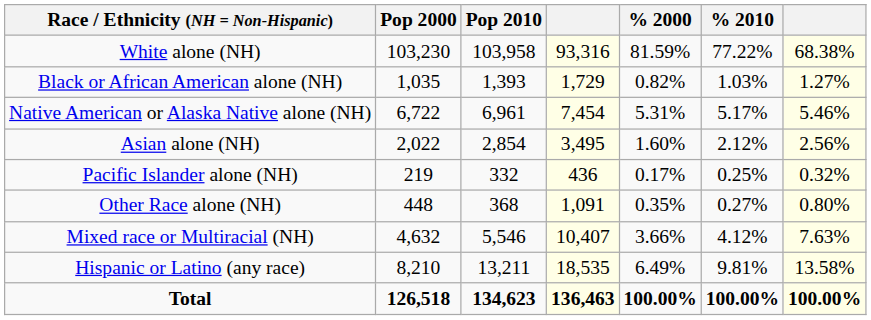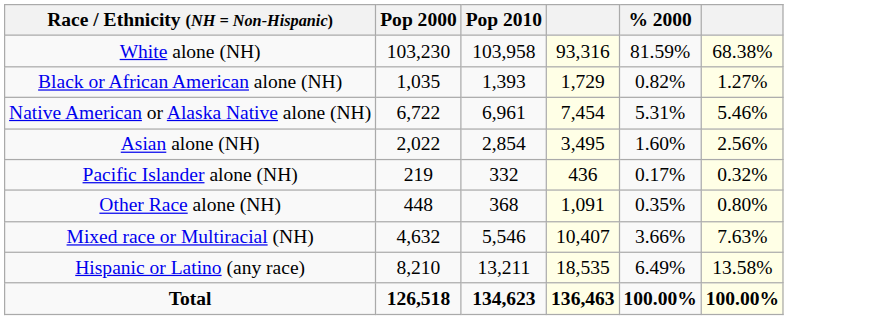 <table class="wikitable" style="text-align:center;">
 <tr>
 <th>Race / Ethnicity <small>(<em>NH = Non-Hispanic</em>)</small></th>
 <th>Pop 2000</th>
 <th>Pop 2010</th>
 <th></th>
 <th>% 2000</th>
-<th>% 2010</th>
 <th></th>
 </tr>
 <tr>
 <td><a href='#'>White</a> alone (NH)</td>
 <td>103,230</td>
 <td>103,958</td>
 <td style='background: #ffffe6;'>93,316</td>
 <td>81.59%</td>
-<td>77.22%</td>
 <td style='background: #ffffe6;'>68.38%</td>
 </tr>
 <tr>
 <td><a href='#'>Black or African American</a> alone (NH)</td>
 <td>1,035</td>
 <td>1,393</td>
 <td style='background: #ffffe6;'>1,729</td>
 <td>0.82%</td>
-<td>1.03%</td>
 <td style='background: #ffffe6;'>1.27%</td>
 </tr>
 <tr>
 <td><a href='#'>Native American</a> or <a href='#'>Alaska Native</a> alone (NH)</td>
 <td>6,722</td>
 <td>6,961</td>
 <td style='background: #ffffe6;'>7,454</td>
 <td>5.31%</td>
-<td>5.17%</td>
 <td style='background: #ffffe6;'>5.46%</td>
 </tr>
 <tr>
 <td><a href='#'>Asian</a> alone (NH)</td>
 <td>2,022</td>
 <td>2,854</td>
 <td style='background: #ffffe6;'>3,495</td>
 <td>1.60%</td>
-<td>2.12%</td>
 <td style='background: #ffffe6;'>2.56%</td>
 </tr>
 <tr>
 <td><a href='#'>Pacific Islander</a> alone (NH)</td>
 <td>219</td>
 <td>332</td>
 <td style='background: #ffffe6;'>436</td>
 <td>0.17%</td>
-<td>0.25%</td>
 <td style='background: #ffffe6;'>0.32%</td>
 </tr>
 <tr>
 <td><a href='#'>Other Race</a> alone (NH)</td>
 <td>448</td>
 <td>368</td>
 <td style='background: #ffffe6;'>1,091</td>
 <td>0.35%</td>
-<td>0.27%</td>
 <td style='background: #ffffe6;'>0.80%</td>
 </tr>
 <tr>
 <td><a href='#'>Mixed race or Multiracial</a> (NH)</td>
 <td>4,632</td>
 <td>5,546</td>
 <td style='background: #ffffe6;'>10,407</td>
 <td>3.66%</td>
-<td>4.12%</td>
 <td style='background: #ffffe6;'>7.63%</td>
 </tr>
 <tr>
 <td><a href='#'>Hispanic or Latino</a> (any race)</td>
 <td>8,210</td>
 <td>13,211</td>
 <td style='background: #ffffe6;'>18,535</td>
 <td>6.49%</td>
-<td>9.81%</td>
 <td style='background: #ffffe6;'>13.58%</td>
 </tr>
 <tr>
 <td><strong>Total</strong></td>
 <td><strong>126,518</strong></td>
 <td><strong>134,623</strong></td>
 <td style='background: #ffffe6;'><strong>136,463</strong></td>
 <td><strong>100.00%</strong></td>
-<td><strong>100.00%</strong></td>
 <td style='background: #ffffe6;'><strong>100.00%</strong></td>
 </tr>
 </table>
